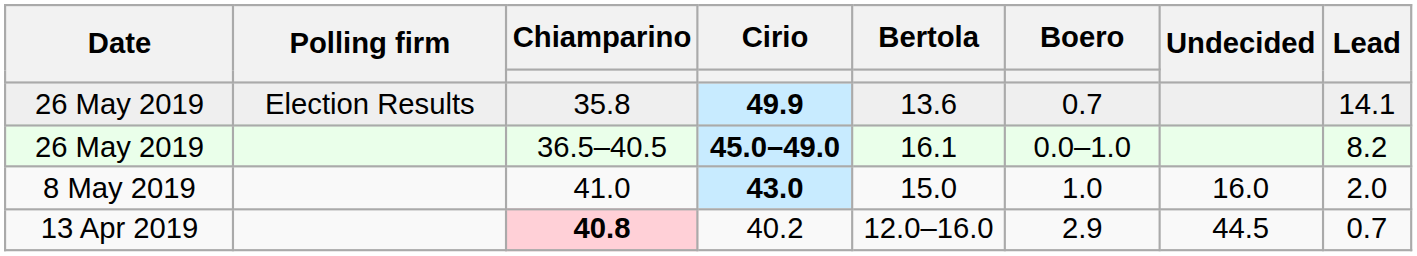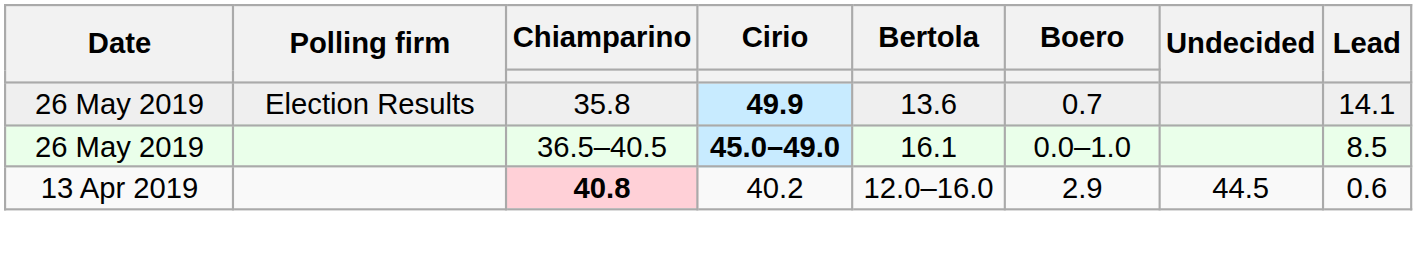 <table class=wikitable style="text-align:center;font-size:85%;line-height:13px">
 <tr style="height:30px; background-color:#E9E9E9">
 <th style="width:100px;" rowspan="2">Date</th>
 <th style="width:120px;" rowspan="2">Polling firm</th>
 <th style="width:65px;">Chiamparino</th>
 <th style="width:65px;">Cirio</th>
 <th style="width:65px;">Bertola</th>
 <th style="width:65px;">Boero</th>
 <th style="width:65px;" rowspan="2">Undecided</th>
 <th style="width:35px;" rowspan="2">Lead</th>
 </tr>
 <tr>
 <th style="background:"></th>
 <th style="background:"></th>
 <th style="background:"></th>
 <th style="background:"></th>
 </tr>
 <tr style="background:#EFEFEF;">
 <td>26 May 2019</td>
 <td>Election Results</td>
 <td>35.8</td>
 <td style="background:#C8EBFF"><strong>49.9</strong></td>
 <td>13.6</td>
 <td>0.7</td>
 <td></td>
 <td style="background:">14.1</td>
 </tr>
 <tr style="background:#EAFFEA"|>
 <td>26 May 2019</td>
 <td></td>
 <td>36.5–40.5</td>
 <td style="background:#C8EBFF"><strong>45.0–49.0</strong></td>
 <td>16.1</td>
 <td>0.0–1.0</td>
 <td></td>
-<td style="background:">8.2</td>
-</tr>
-<tr>
-<td>8 May 2019</td>
-<td></td>
-<td>41.0</td>
-<td style="background:#C8EBFF"><strong>43.0</strong></td>
-<td>15.0</td>
-<td>1.0</td>
-<td>16.0</td>
-<td style="background:">2.0</td>
+<td style="background:">8.5</td>
 </tr>
 <tr>
 <td>13 Apr 2019</td>
 <td></td>
 <td style="background:#FFD0D7"><strong>40.8</strong></td>
 <td>40.2</td>
 <td>12.0–16.0</td>
 <td>2.9</td>
 <td>44.5</td>
-<td style="background:">0.7</td>
+<td style="background:">0.6</td>
 </tr>
 </table>
